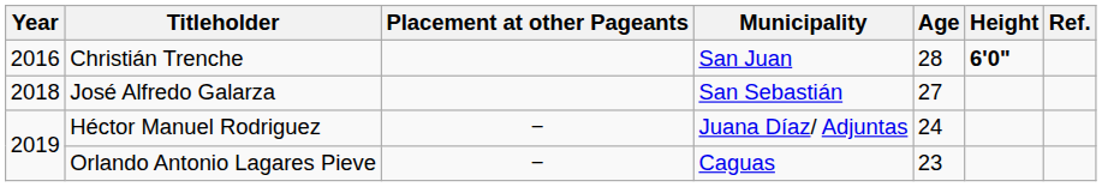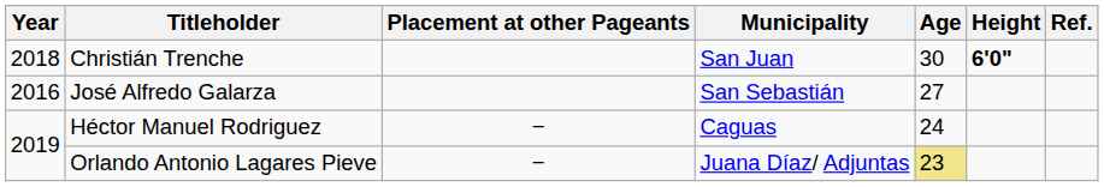 <table class="wikitable">
 <tr>
 <th>Year</th>
 <th>Titleholder</th>
 <th>Placement at other Pageants</th>
 <th>Municipality</th>
 <th>Age</th>
 <th>Height</th>
 <th>Ref.</th>
 </tr>
 <tr>
-<td>2016</td>
+<td>2018</td>
 <td>Christián Trenche</td>
 <td></td>
 <td><a href='#'>San Juan</a></td>
-<td>28</td>
+<td>30</td>
 <td><strong>6'0"</strong></td>
 <td></td>
 </tr>
 <tr>
-<td>2018</td>
+<td>2016</td>
 <td>José Alfredo Galarza</td>
 <td></td>
 <td><a href='#'>San Sebastián</a></td>
 <td>27</td>
 <td></td>
 <td></td>
 </tr>
 <tr>
 <td rowspan="2">2019</td>
 <td>Héctor Manuel Rodriguez</td>
 <td style="text-align:center;">−</td>
-<td><a href='#'>Juana Díaz</a>/ <a href='#'>Adjuntas</a></td>
+<td><a href='#'>Caguas</a></td>
 <td>24</td>
 <td></td>
 <td></td>
 </tr>
 <tr>
 <td>Orlando Antonio Lagares Pieve</td>
 <td style="text-align:center;">−</td>
-<td><a href='#'>Caguas</a></td>
-<td>23</td>
+<td><a href='#'>Juana Díaz</a>/ <a href='#'>Adjuntas</a></td>
+<td style="background: khaki;">23</td>
 <td></td>
 <td></td>
 </tr>
 </table>
